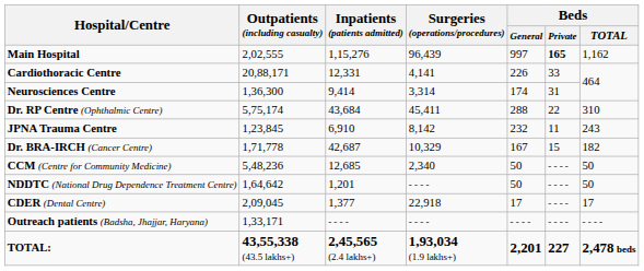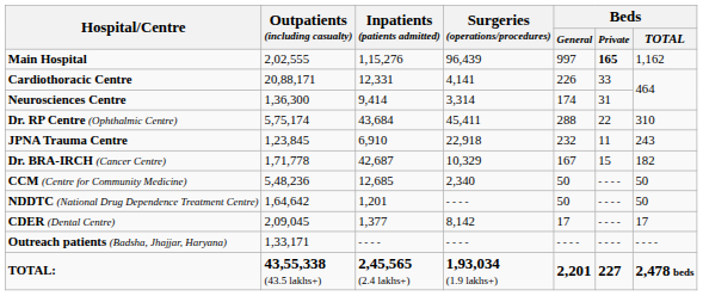 <table class="wikitable">
 <tr>
 <th rowspan="2"><strong><big>Hospital/Centre</big></strong></th>
 <th rowspan="2"><big>Outpatients</big><br><em><small>(including casualty)</small></em></th>
 <th rowspan="2"><big>Inpatients</big><br><em><small>(patients admitted)</small></em></th>
 <th rowspan="2"><big>Surgeries</big><br><em><small>(operations/procedures)</small></em></th>
 <th colspan="3"><strong><big>Beds</big></strong></th>
 </tr>
 <tr>
 <th><small><em>General</em></small></th>
 <th><small><em>Private</em></small></th>
 <th><strong><em>TOTAL</em></strong></th>
 </tr>
 <tr>
 <td><strong>Main Hospital</strong></td>
 <td>2,02,555</td>
 <td>1,15,276</td>
 <td>96,439</td>
 <td>997</td>
 <td><strong>165</strong></td>
 <td>1,162</td>
 </tr>
 <tr>
 <td><strong>Cardiothoracic Centre</strong></td>
 <td>20,88,171</td>
 <td>12,331</td>
 <td>4,141</td>
 <td>226</td>
 <td>33</td>
 <td rowspan="2">464</td>
 </tr>
 <tr>
 <td><strong>Neurosciences Centre</strong></td>
 <td>1,36,300</td>
 <td>9,414</td>
 <td>3,314</td>
 <td>174</td>
 <td>31</td>
 </tr>
 <tr>
 <td><strong>Dr. RP Centre</strong>  <em><small>(Ophthalmic Centre)</small></em></td>
 <td>5,75,174</td>
 <td>43,684</td>
 <td>45,411</td>
 <td>288</td>
 <td>22</td>
 <td>310</td>
 </tr>
 <tr>
 <td><strong>JPNA Trauma Centre</strong></td>
 <td>1,23,845</td>
 <td>6,910</td>
-<td>8,142</td>
+<td>22,918</td>
 <td>232</td>
 <td>11</td>
 <td>243</td>
 </tr>
 <tr>
 <td><strong>Dr. BRA-IRCH</strong>  <em><small>(Cancer Centre)</small></em></td>
 <td>1,71,778</td>
 <td>42,687</td>
 <td>10,329</td>
 <td>167</td>
 <td>15</td>
 <td>182</td>
 </tr>
 <tr>
 <td><strong>CCM</strong>  <em><small>(Centre for Community Medicine)</small></em></td>
 <td>5,48,236</td>
 <td>12,685</td>
 <td>2,340</td>
 <td>50</td>
 <td><small>- - - -</small></td>
 <td>50</td>
 </tr>
 <tr>
 <td><strong>NDDTC</strong>  <em><small>(National Drug Dependence Treatment Centre)</small></em></td>
 <td>1,64,642</td>
 <td>1,201</td>
 <td><small>- - - -</small></td>
 <td>50</td>
 <td><small>- - - -</small></td>
 <td>50</td>
 </tr>
 <tr>
 <td><strong>CDER</strong>  <em><small>(Dental Centre)</small></em></td>
 <td>2,09,045</td>
 <td>1,377</td>
-<td>22,918</td>
+<td>8,142</td>
 <td>17</td>
 <td><small>- - - -</small></td>
 <td>17</td>
 </tr>
 <tr>
 <td><strong>Outreach patients</strong> <small><em>(Badsha, Jhajjar, Haryana)</em></small></td>
 <td>1,33,171</td>
 <td><small>- - - -</small></td>
 <td><small>- - - -</small></td>
 <td><small>- - - -</small></td>
 <td><small>- - - -</small></td>
 <td><small>- - - -</small></td>
 </tr>
 <tr>
 <td><strong>TOTAL:</strong></td>
 <td><strong><big>43,55,338</big></strong><br><small>(43.5 lakhs+)</small></td>
 <td><strong><big>2,45,565</big></strong><br><small>(2.4 lakhs+)</small></td>
 <td><strong><big>1,93,034</big></strong><br><small>(1.9 lakhs+)</small></td>
 <td><strong><big>2,201</big></strong></td>
 <td><strong><big>227</big></strong></td>
 <td><big><strong>2,478</strong></big> <strong><small>beds</small></strong></td>
 </tr>
 </table>
